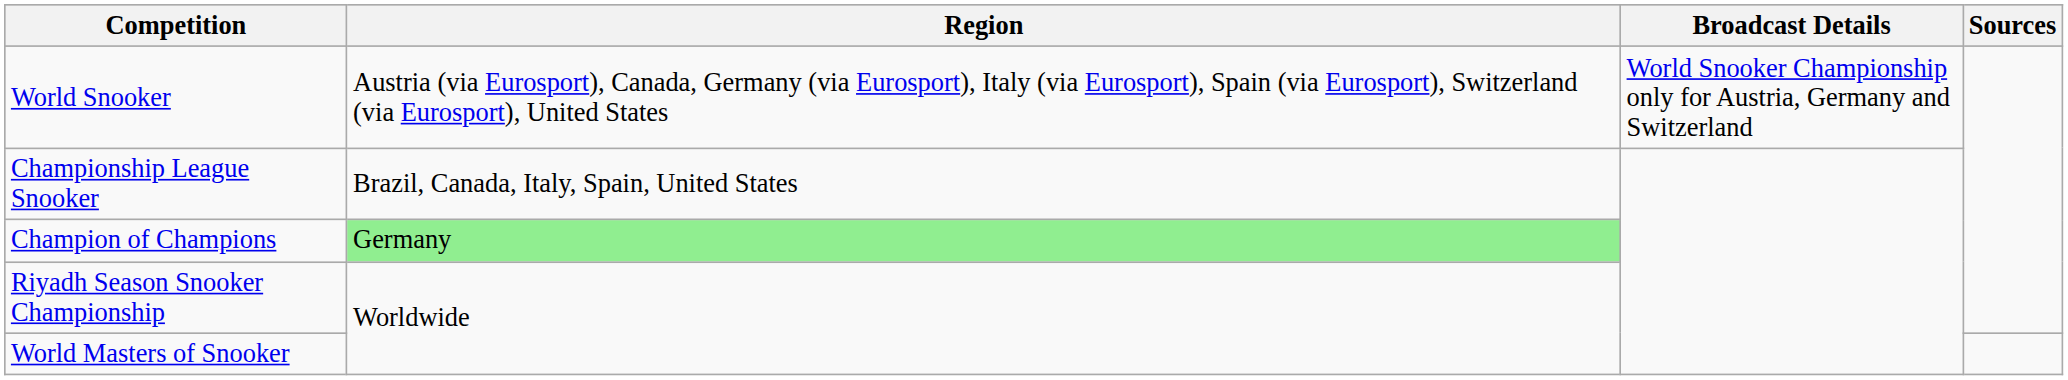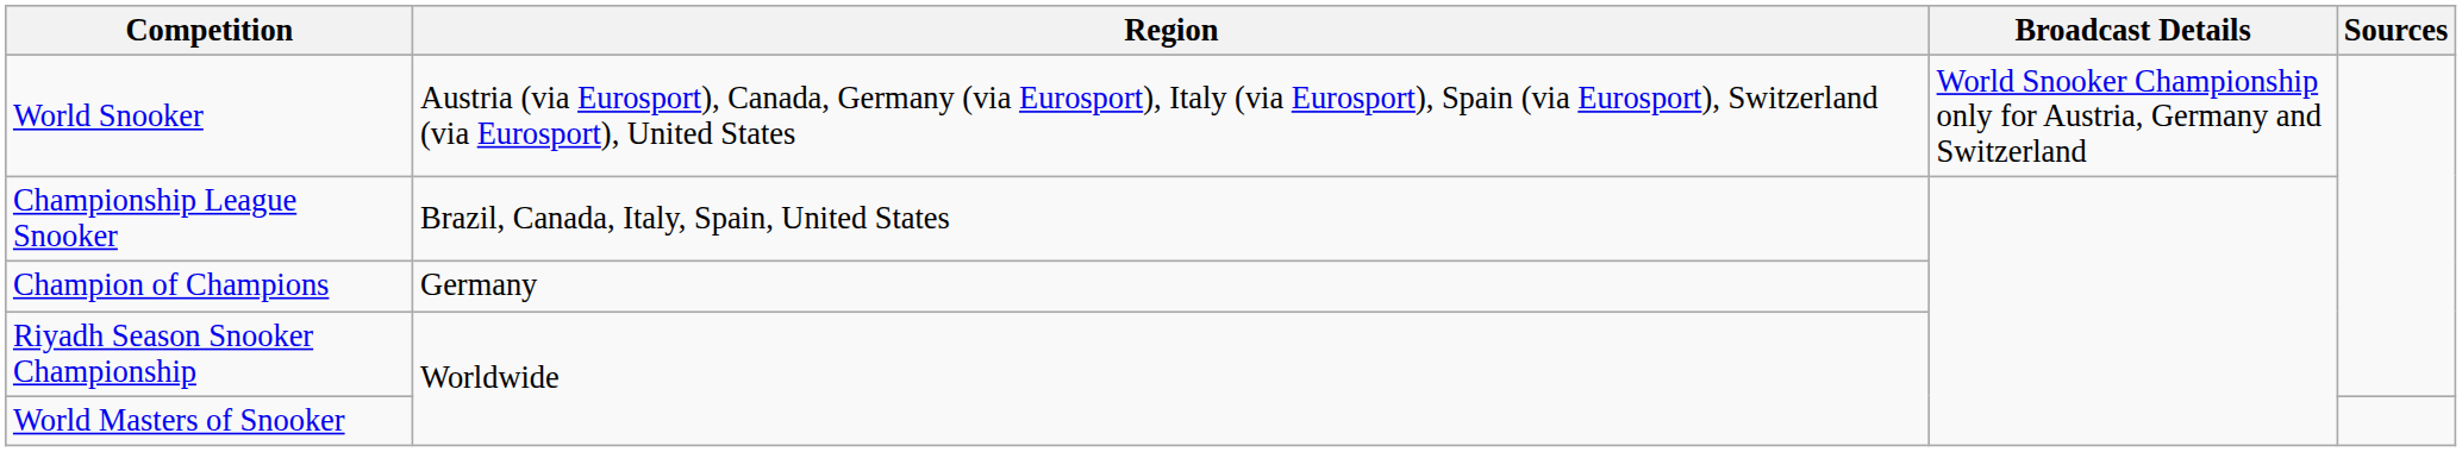 <table class="wikitable">
 <tr>
 <th width="200">Competition</th>
 <th>Region</th>
 <th width="200">Broadcast Details</th>
 <th>Sources</th>
 </tr>
 <tr>
 <td><a href='#'>World Snooker</a></td>
 <td>Austria (via <a href='#'>Eurosport</a>), Canada, Germany (via <a href='#'>Eurosport</a>), Italy (via <a href='#'>Eurosport</a>), Spain (via <a href='#'>Eurosport</a>), Switzerland (via <a href='#'>Eurosport</a>), United States</td>
 <td><a href='#'>World Snooker Championship</a> only for Austria, Germany and Switzerland</td>
 <td rowspan="4"></td>
 </tr>
 <tr>
 <td><a href='#'>Championship League Snooker</a></td>
 <td>Brazil, Canada, Italy, Spain, United States</td>
 <td rowspan="5"></td>
 </tr>
 <tr>
 <td><a href='#'>Champion of Champions</a></td>
-<td style="background: lightgreen;">Germany</td>
+<td>Germany</td>
 </tr>
 <tr>
 <td><a href='#'>Riyadh Season Snooker Championship</a></td>
 <td rowspan="2">Worldwide</td>
 </tr>
 <tr>
 <td><a href='#'>World Masters of Snooker</a></td>
 <td></td>
 </tr>
 </table>
